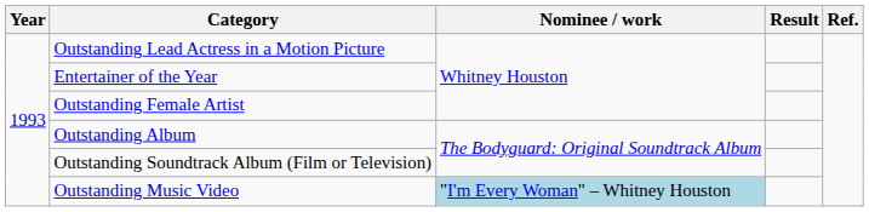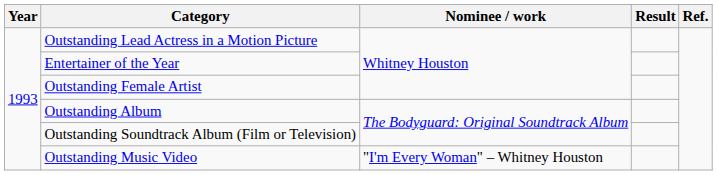 <table class="wikitable">
 <tr>
 <th>Year</th>
 <th>Category</th>
 <th>Nominee / work</th>
 <th>Result</th>
 <th>Ref.</th>
 </tr>
 <tr>
 <td rowspan="6"><a href='#'>1993</a></td>
 <td><a href='#'>Outstanding Lead Actress in a Motion Picture</a></td>
 <td rowspan="3"><a href='#'>Whitney Houston</a></td>
 <td></td>
 <td rowspan="6" align="center"> <br>  <br> </td>
 </tr>
 <tr>
 <td><a href='#'>Entertainer of the Year</a></td>
 <td></td>
 </tr>
 <tr>
 <td><a href='#'>Outstanding Female Artist</a></td>
 <td></td>
 </tr>
 <tr>
 <td><a href='#'>Outstanding Album</a></td>
 <td rowspan="2"><em><a href='#'>The Bodyguard: Original Soundtrack Album</a></em></td>
 <td></td>
 </tr>
 <tr>
 <td>Outstanding Soundtrack Album (Film or Television)</td>
 <td></td>
 </tr>
 <tr>
 <td><a href='#'>Outstanding Music Video</a></td>
-<td style="background: lightblue;">"<a href='#'>I'm Every Woman</a>" – Whitney Houston</td>
+<td>"<a href='#'>I'm Every Woman</a>" – Whitney Houston</td>
 <td></td>
 </tr>
 </table>
